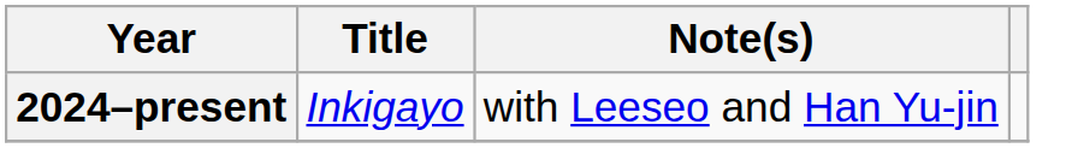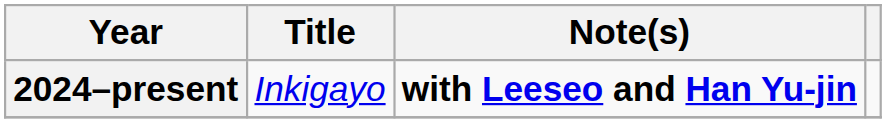 <table class="wikitable plainrowheaders sortable">
 <tr>
 <th scope="col">Year</th>
 <th scope="col">Title</th>
 <th scope="col">Note(s)</th>
 <th scope="col" class="unsortable"></th>
 </tr>
 <tr>
 <th scope="row">2024–present</th>
 <td><em><a href='#'>Inkigayo</a></em></td>
-<td>with <a href='#'>Leeseo</a> and <a href='#'>Han Yu-jin</a></td>
+<td><strong>with <a href='#'>Leeseo</a> and <a href='#'>Han Yu-jin</a></strong></td>
 <td style="text-align:center"></td>
 </tr>
 <tr>
 </tr>
 </table>
